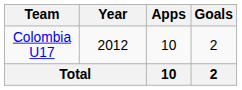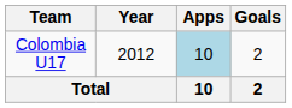 <table class="wikitable" style="text-align: center;">
 <tr>
 <th width="80">Team</th>
 <th width="70">Year</th>
 <th width="45">Apps</th>
 <th width="45">Goals</th>
 </tr>
 <tr>
 <td><a href='#'>Colombia U17</a></td>
 <td>2012</td>
-<td>10</td>
+<td style="background: lightblue;">10</td>
 <td>2</td>
 </tr>
 <tr>
 <th colspan=2>Total</th>
 <th>10</th>
 <th>2</th>
 </tr>
 </table>
